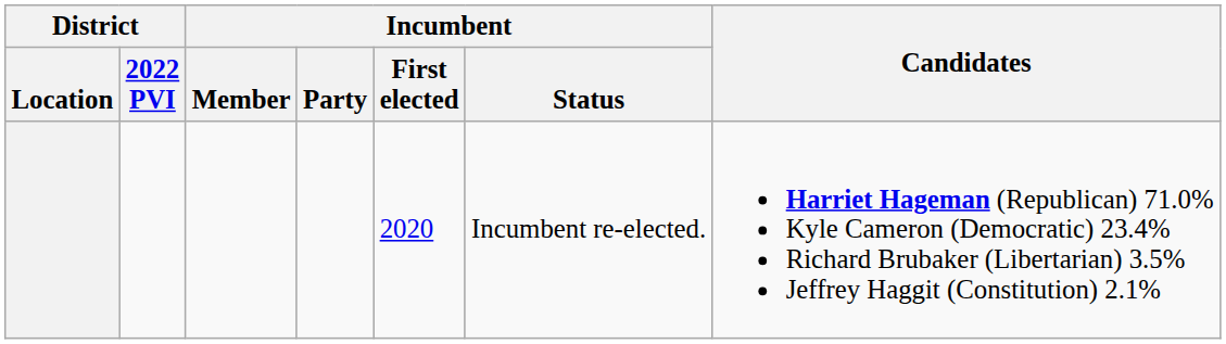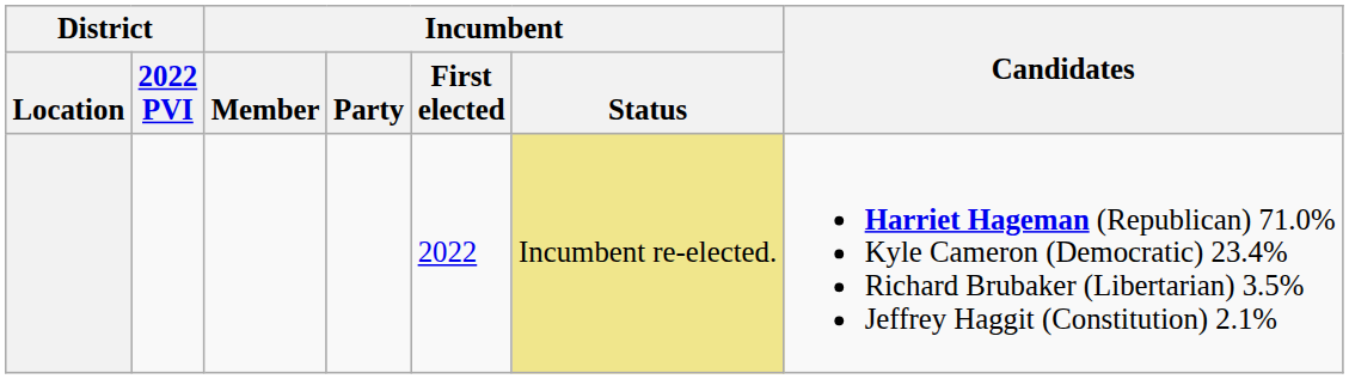 <table class="wikitable sortable">
 <tr>
 <th colspan=2>District</th>
 <th colspan=4>Incumbent</th>
 <th rowspan=2 class="unsortable">Candidates</th>
 </tr>
 <tr valign=bottom>
 <th>Location</th>
 <th><a href='#'>2022<br>PVI</a></th>
 <th>Member</th>
 <th>Party</th>
 <th>First<br>elected</th>
 <th>Status</th>
 </tr>
 <tr>
 <th></th>
 <td></td>
 <td></td>
 <td></td>
-<td><a href='#'>2020</a></td>
-<td>Incumbent re-elected.</td>
+<td><a href='#'>2022</a></td>
+<td style="background: khaki;">Incumbent re-elected.</td>
 <td nowrap><br><ul><li> <strong><a href='#'>Harriet Hageman</a></strong> (Republican) 71.0%</li><li>Kyle Cameron (Democratic) 23.4%</li><li>Richard Brubaker (Libertarian) 3.5%</li><li>Jeffrey Haggit (Constitution) 2.1% </li></ul></td>
 </tr>
 </table>
